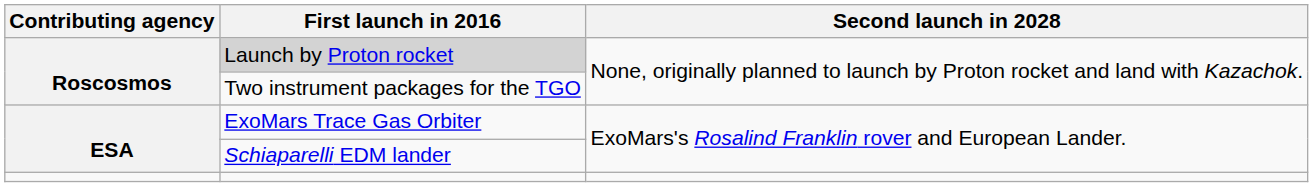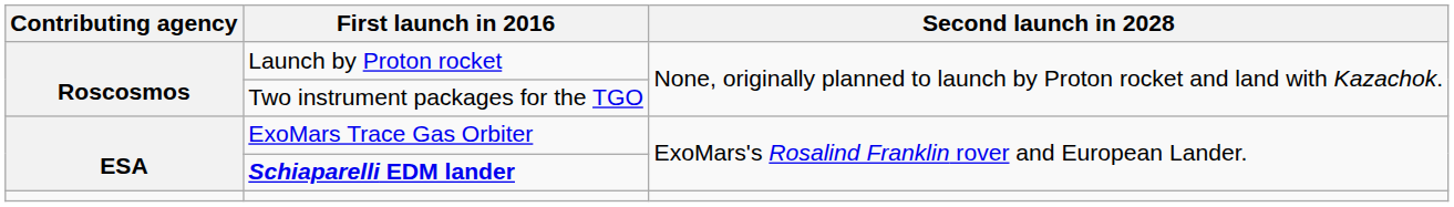 <table class="wikitable" style="margin: 0.1em auto;">
 <tr>
 <th>Contributing agency</th>
 <th>First launch in 2016</th>
 <th>Second launch in 2028</th>
 </tr>
 <tr>
 <th rowspan=2><br>Roscosmos</th>
-<td style="background: lightgrey;">Launch by <a href='#'>Proton rocket</a></td>
+<td>Launch by <a href='#'>Proton rocket</a></td>
 <td rowspan="2">None, originally planned to launch by Proton rocket and land with <em>Kazachok</em>.</td>
 </tr>
 <tr>
 <td>Two instrument packages for the <a href='#'>TGO</a></td>
 </tr>
 <tr>
 <th rowspan=2><br>ESA</th>
 <td><a href='#'>ExoMars Trace Gas Orbiter</a></td>
 <td rowspan=2>ExoMars's <a href='#'><em>Rosalind Franklin</em> rover</a> and European Lander.</td>
 </tr>
 <tr>
-<td><a href='#'><em>Schiaparelli</em> EDM lander</a></td>
+<td><strong><a href='#'><em>Schiaparelli</em> EDM lander</a></strong></td>
 </tr>
 <tr>
 <td></td>
 <td></td>
 </tr>
 </table>
